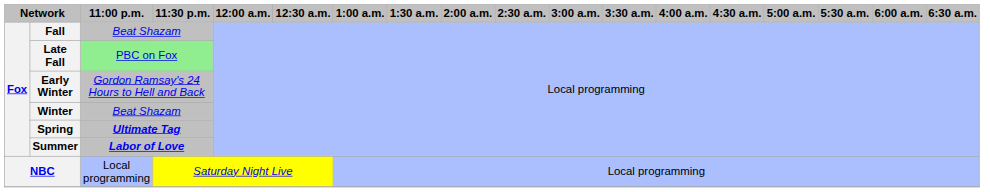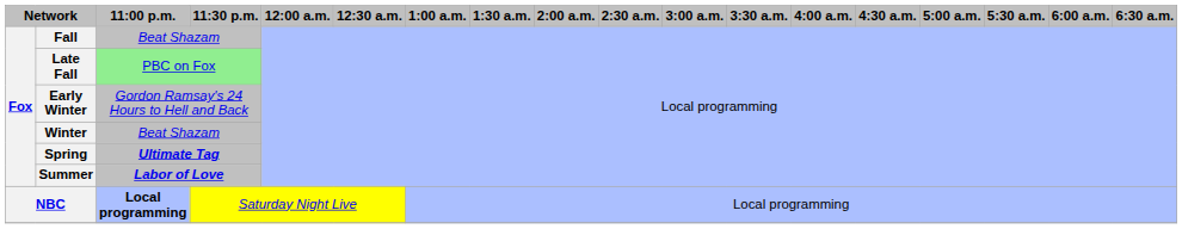 <table class="wikitable" style="width:100%;margin-right:0;text-align:center">
 <tr>
 <th colspan="2" style="background-color:#C0C0C0;text-align:center">Network</th>
 <th style="background-color:#C0C0C0;text-align:center">11:00 p.m.</th>
 <th style="background-color:#C0C0C0;text-align:center">11:30 p.m.</th>
 <th style="background-color:#C0C0C0;text-align:center">12:00 a.m.</th>
 <th style="background-color:#C0C0C0;text-align:center">12:30 a.m.</th>
 <th style="background-color:#C0C0C0;text-align:center">1:00 a.m.</th>
 <th style="background-color:#C0C0C0;text-align:center">1:30 a.m.</th>
 <th style="background-color:#C0C0C0;text-align:center">2:00 a.m.</th>
 <th style="background-color:#C0C0C0;text-align:center">2:30 a.m.</th>
 <th style="background-color:#C0C0C0;text-align:center">3:00 a.m.</th>
 <th style="background-color:#C0C0C0;text-align:center">3:30 a.m.</th>
 <th style="background-color:#C0C0C0;text-align:center">4:00 a.m.</th>
 <th style="background-color:#C0C0C0;text-align:center">4:30 a.m.</th>
 <th style="background-color:#C0C0C0;text-align:center">5:00 a.m.</th>
 <th style="background-color:#C0C0C0;text-align:center">5:30 a.m.</th>
 <th style="background-color:#C0C0C0;text-align:center">6:00 a.m.</th>
 <th style="background-color:#C0C0C0;text-align:center">6:30 a.m.</th>
 </tr>
 <tr>
 <th rowspan="6"><a href='#'>Fox</a></th>
 <th>Fall</th>
 <td colspan="2" bgcolor="#C0C0C0"><em><a href='#'>Beat Shazam</a></em> </td>
 <td colspan="14" rowspan="6" bgcolor="#ABBFFF">Local programming</td>
 </tr>
 <tr>
 <th>Late Fall</th>
 <td colspan="2" bgcolor="Lightgreen"><a href='#'>PBC on Fox</a></td>
 </tr>
 <tr>
 <th>Early Winter</th>
 <td colspan="2" bgcolor="#C0C0C0"><em><a href='#'>Gordon Ramsay's 24 Hours to Hell and Back</a></em> </td>
 </tr>
 <tr>
 <th>Winter</th>
 <td colspan="2" bgcolor="#C0C0C0"><em><a href='#'>Beat Shazam</a></em> </td>
 </tr>
 <tr>
 <th>Spring</th>
 <td colspan="2" bgcolor="#C0C0C0"><strong><em><a href='#'>Ultimate Tag</a></em></strong> </td>
 </tr>
 <tr>
 <th>Summer</th>
 <td colspan="2" bgcolor="#C0C0C0"><strong><em><a href='#'>Labor of Love</a></em></strong> </td>
 </tr>
 <tr>
 <th colspan="2"><a href='#'>NBC</a></th>
-<td style="background:#abbfff">Local programming</td>
+<td style="background:#abbfff"><strong>Local programming</strong></td>
 <td colspan="3" style="background:yellow"><em><a href='#'>Saturday Night Live</a></em></td>
 <td colspan="12" style="background:#abbfff">Local programming </td>
 </tr>
 <tr>
 </tr>
 </table>
